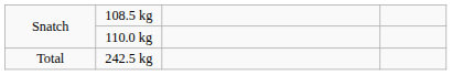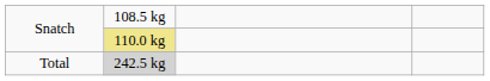 <table class = "wikitable" style="text-align:center;">
 <tr>
 <td rowspan=2 width=100>Snatch</td>
 <td width=70>108.5 kg</td>
 <td width=250 align=left></td>
 <td width=70></td>
 </tr>
 <tr>
-<td>110.0 kg</td>
+<td style="background: khaki;">110.0 kg</td>
 <td align=left></td>
 <td></td>
 </tr>
 <tr>
 <td>Total</td>
-<td>242.5 kg</td>
+<td style="background: lightgrey;">242.5 kg</td>
 <td align=left></td>
 <td></td>
 </tr>
 </table>
